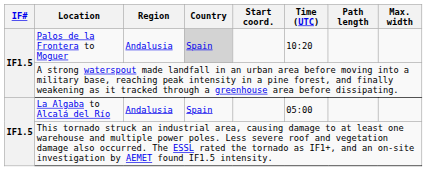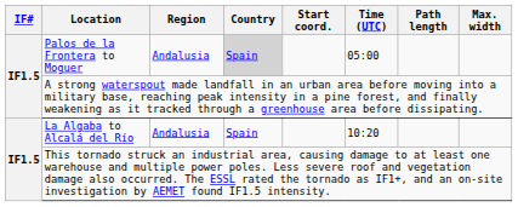 <table class="wikitable sortable" style="width:100%;">
 <tr>
 <th scope="col" width="2%" align="center"><a href='#'>IF#</a></th>
 <th scope="col" align="center" class="unsortable">Location</th>
 <th scope="col" align="center" class="unsortable">Region</th>
 <th scope="col" align="center">Country</th>
 <th scope="col" align="center">Start coord.</th>
 <th scope="col" align="center">Time (<a href='#'>UTC</a>)</th>
 <th scope="col" align="center">Path length</th>
 <th scope="col" align="center">Max. width</th>
 </tr>
 <tr>
 <th scope="row" rowspan="2" style="background-color:#">IF1.5</th>
 <td><a href='#'>Palos de la Frontera</a> to <a href='#'>Moguer</a></td>
 <td><a href='#'>Andalusia</a></td>
 <td style="background: lightgrey;"><a href='#'>Spain</a></td>
 <td></td>
-<td>10:20</td>
+<td>05:00</td>
 <td></td>
 <td></td>
 </tr>
 <tr class="expand-child">
 <td colspan="8" style=" border-bottom: 1px solid black;">A strong <a href='#'>waterspout</a> made landfall in an urban area before moving into a military base, reaching peak intensity in a pine forest, and finally weakening as it tracked through a <a href='#'>greenhouse</a> area before dissipating.</td>
 </tr>
 <tr>
 <th scope="row" rowspan="2" style="background-color:#">IF1.5</th>
 <td><a href='#'>La Algaba</a> to <a href='#'>Alcalá del Río</a></td>
 <td><a href='#'>Andalusia</a></td>
 <td><a href='#'>Spain</a></td>
 <td></td>
-<td>05:00</td>
+<td>10:20</td>
 <td></td>
 <td></td>
 </tr>
 <tr class="expand-child">
 <td colspan="8" style=" border-bottom: 1px solid black;">This tornado struck an industrial area, causing damage to at least one warehouse and multiple power poles. Less severe roof and vegetation damage also occurred. The <a href='#'>ESSL</a> rated the tornado as IF1+, and an on-site investigation by <a href='#'>AEMET</a> found IF1.5 intensity.</td>
 </tr>
 </table>
